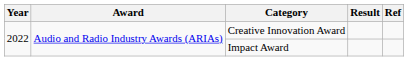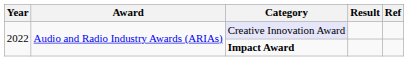 <table class="wikitable plainrowheaders">
 <tr>
 <th>Year</th>
 <th>Award</th>
 <th>Category</th>
 <th>Result</th>
 <th>Ref</th>
 </tr>
 <tr>
 <td rowspan=2>2022</td>
 <td rowspan=2><a href='#'>Audio and Radio Industry Awards (ARIAs)</a></td>
-<td>Creative Innovation Award</td>
+<td style="background: lavender;">Creative Innovation Award</td>
 <td></td>
 <td></td>
 </tr>
 <tr>
-<td>Impact Award</td>
+<td><strong>Impact Award</strong></td>
 <td></td>
 <td></td>
 </tr>
 </table>
